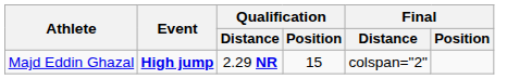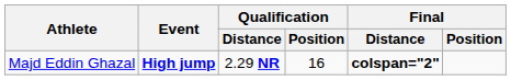 <table class=wikitable style="font-size:90%">
 <tr>
 <th rowspan="2">Athlete</th>
 <th rowspan="2">Event</th>
 <th colspan="2">Qualification</th>
 <th colspan="2">Final</th>
 </tr>
 <tr style="font-size:95%">
 <th>Distance</th>
 <th>Position</th>
 <th>Distance</th>
 <th>Position</th>
 </tr>
 <tr style=text-align:center>
 <td style=text-align:left><a href='#'>Majd Eddin Ghazal</a></td>
 <td style=text-align:left><strong><a href='#'>High jump</a></strong></td>
 <td>2.29 <strong><a href='#'>NR</a></strong></td>
-<td>15</td>
-<td>colspan="2" </td>
+<td>16</td>
+<td><strong>colspan="2" </strong></td>
 </tr>
 </table>
